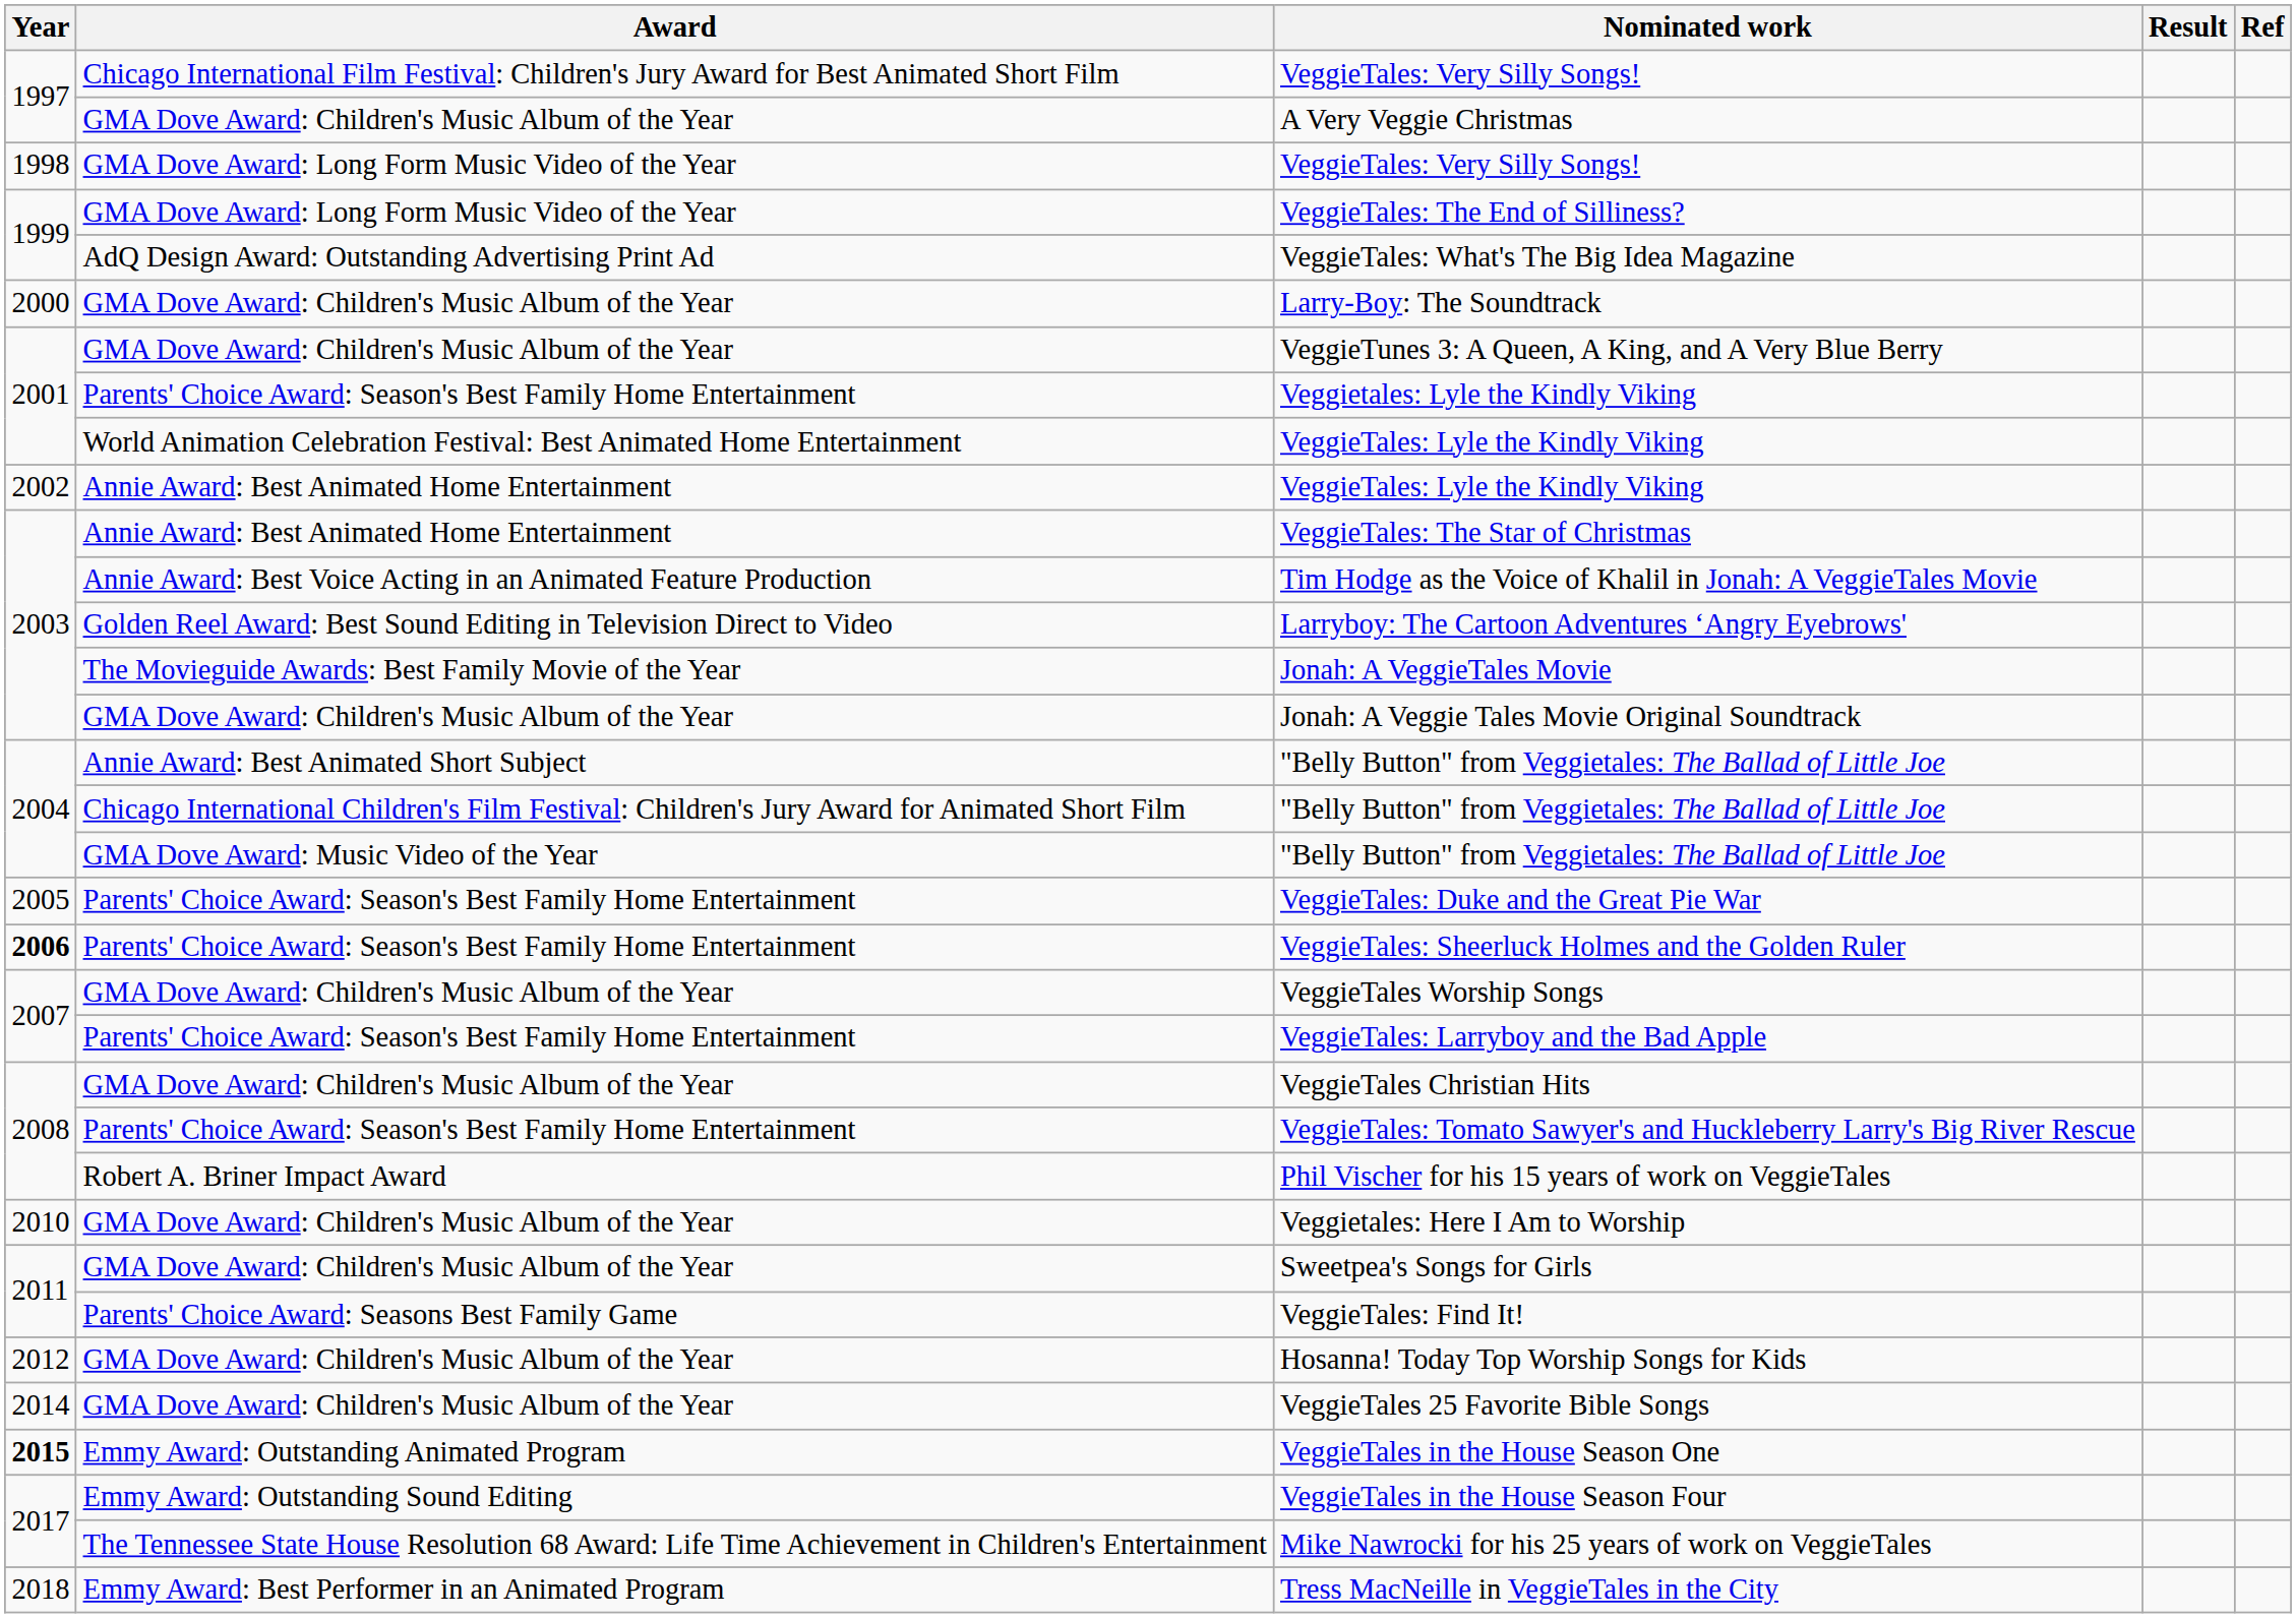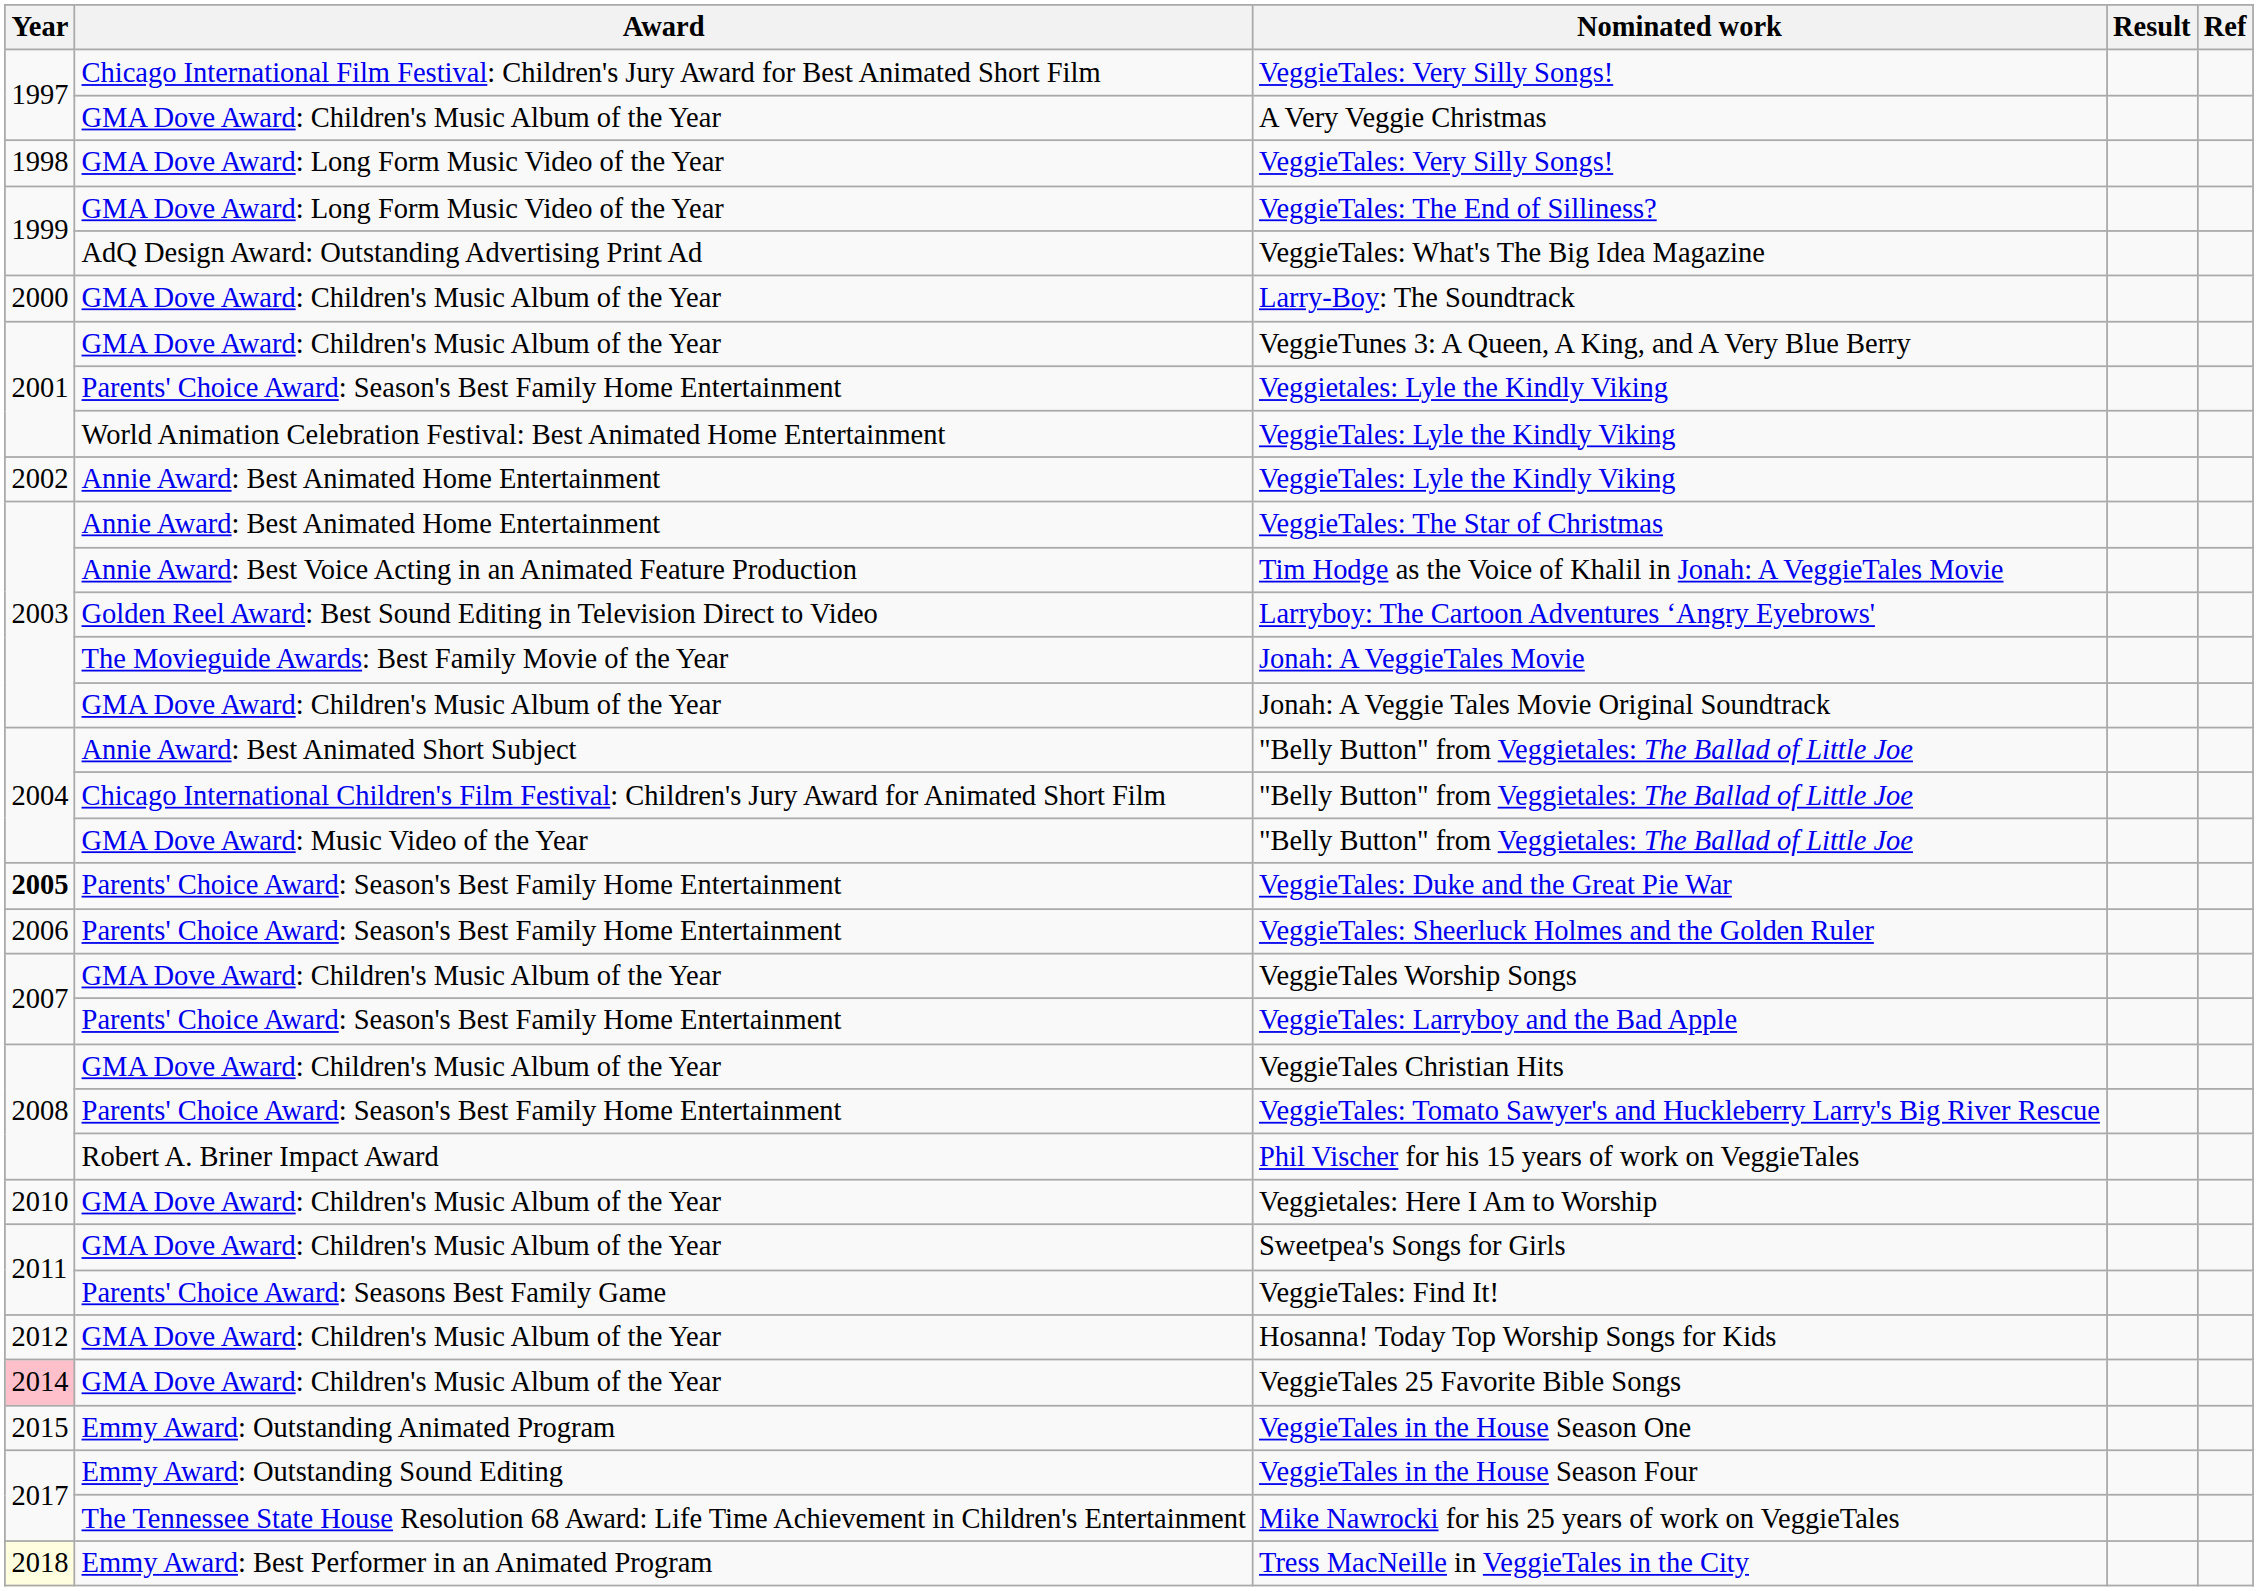 <table class="wikitable sortable">
 <tr>
 <th>Year</th>
 <th>Award</th>
 <th>Nominated work</th>
 <th>Result</th>
 <th>Ref</th>
 </tr>
 <tr>
 <td rowspan="2">1997</td>
 <td><a href='#'>Chicago International Film Festival</a>: Children's Jury Award for Best Animated Short Film</td>
 <td><a href='#'>VeggieTales: Very Silly Songs!</a></td>
 <td></td>
 <td></td>
 </tr>
 <tr>
 <td><a href='#'>GMA Dove Award</a>: Children's Music Album of the Year<br></td>
 <td>A Very Veggie Christmas</td>
 <td></td>
 <td></td>
 </tr>
 <tr>
 <td>1998</td>
 <td><a href='#'>GMA Dove Award</a>: Long Form Music Video of the Year</td>
 <td><a href='#'>VeggieTales: Very Silly Songs!</a></td>
 <td></td>
 <td></td>
 </tr>
 <tr>
 <td rowspan="2">1999</td>
 <td><a href='#'>GMA Dove Award</a>: Long Form Music Video of the Year</td>
 <td><a href='#'>VeggieTales: The End of Silliness?</a></td>
 <td></td>
 <td></td>
 </tr>
 <tr>
 <td>AdQ Design Award: Outstanding Advertising Print Ad</td>
 <td>VeggieTales: What's The Big Idea Magazine</td>
 <td></td>
 <td></td>
 </tr>
 <tr>
 <td>2000</td>
 <td><a href='#'>GMA Dove Award</a>: Children's Music Album of the Year</td>
 <td><a href='#'>Larry-Boy</a>: The Soundtrack</td>
 <td></td>
 <td></td>
 </tr>
 <tr>
 <td rowspan="3">2001</td>
 <td><a href='#'>GMA Dove Award</a>: Children's Music Album of the Year</td>
 <td>VeggieTunes 3: A Queen, A King, and A Very Blue Berry</td>
 <td></td>
 <td></td>
 </tr>
 <tr>
 <td><a href='#'>Parents' Choice Award</a>: Season's Best Family Home Entertainment</td>
 <td><a href='#'>Veggietales: Lyle the Kindly Viking</a></td>
 <td></td>
 <td></td>
 </tr>
 <tr>
 <td>World Animation Celebration Festival: Best Animated Home Entertainment</td>
 <td><a href='#'>VeggieTales: Lyle the Kindly Viking</a></td>
 <td></td>
 <td></td>
 </tr>
 <tr>
 <td>2002</td>
 <td><a href='#'>Annie Award</a>: Best Animated Home Entertainment</td>
 <td><a href='#'>VeggieTales: Lyle the Kindly Viking</a></td>
 <td></td>
 <td></td>
 </tr>
 <tr>
 <td rowspan="5">2003</td>
 <td><a href='#'>Annie Award</a>: Best Animated Home Entertainment</td>
 <td><a href='#'>VeggieTales: The Star of Christmas</a></td>
 <td></td>
 <td></td>
 </tr>
 <tr>
 <td><a href='#'>Annie Award</a>: Best Voice Acting in an Animated Feature Production</td>
 <td><a href='#'>Tim Hodge</a> as the Voice of Khalil in <a href='#'>Jonah: A VeggieTales Movie</a></td>
 <td></td>
 <td></td>
 </tr>
 <tr>
 <td><a href='#'>Golden Reel Award</a>: Best Sound Editing in Television Direct to Video</td>
 <td><a href='#'>Larryboy: The Cartoon Adventures ‘Angry Eyebrows'</a></td>
 <td></td>
 <td></td>
 </tr>
 <tr>
 <td><a href='#'>The Movieguide Awards</a>: Best Family Movie of the Year</td>
 <td><a href='#'>Jonah: A VeggieTales Movie</a></td>
 <td></td>
 <td></td>
 </tr>
 <tr>
 <td><a href='#'>GMA Dove Award</a>: Children's Music Album of the Year</td>
 <td>Jonah: A Veggie Tales Movie Original Soundtrack</td>
 <td></td>
 <td></td>
 </tr>
 <tr>
 <td rowspan="3">2004</td>
 <td><a href='#'>Annie Award</a>: Best Animated Short Subject</td>
 <td>"Belly Button" from <a href='#'>Veggietales: <em>The Ballad of Little Joe</em></a></td>
 <td></td>
 <td></td>
 </tr>
 <tr>
 <td><a href='#'>Chicago International Children's Film Festival</a>: Children's Jury Award for Animated Short Film</td>
 <td>"Belly Button" from <a href='#'>Veggietales: <em>The Ballad of Little Joe</em></a></td>
 <td></td>
 <td></td>
 </tr>
 <tr>
 <td><a href='#'>GMA Dove Award</a>: Music Video of the Year</td>
 <td>"Belly Button" from <a href='#'>Veggietales: <em>The Ballad of Little Joe</em></a></td>
 <td></td>
 <td></td>
 </tr>
 <tr>
-<td>2005</td>
+<td><strong>2005</strong></td>
 <td><a href='#'>Parents' Choice Award</a>: Season's Best Family Home Entertainment</td>
 <td><a href='#'>VeggieTales: Duke and the Great Pie War</a></td>
 <td></td>
 <td></td>
 </tr>
 <tr>
-<td><strong>2006</strong></td>
+<td>2006</td>
 <td><a href='#'>Parents' Choice Award</a>: Season's Best Family Home Entertainment</td>
 <td><a href='#'>VeggieTales: Sheerluck Holmes and the Golden Ruler</a></td>
 <td></td>
 <td></td>
 </tr>
 <tr>
 <td rowspan="2">2007</td>
 <td><a href='#'>GMA Dove Award</a>: Children's Music Album of the Year</td>
 <td>VeggieTales Worship Songs</td>
 <td></td>
 <td></td>
 </tr>
 <tr>
 <td><a href='#'>Parents' Choice Award</a>: Season's Best Family Home Entertainment</td>
 <td><a href='#'>VeggieTales: Larryboy and the Bad Apple</a></td>
 <td></td>
 <td></td>
 </tr>
 <tr>
 <td rowspan="3">2008</td>
 <td><a href='#'>GMA Dove Award</a>: Children's Music Album of the Year</td>
 <td>VeggieTales Christian Hits</td>
 <td></td>
 <td></td>
 </tr>
 <tr>
 <td><a href='#'>Parents' Choice Award</a>: Season's Best Family Home Entertainment</td>
 <td><a href='#'>VeggieTales: Tomato Sawyer's and Huckleberry Larry's Big River Rescue</a></td>
 <td></td>
 <td></td>
 </tr>
 <tr>
 <td>Robert A. Briner Impact Award</td>
 <td><a href='#'>Phil Vischer</a> for his 15 years of work on VeggieTales</td>
 <td></td>
 <td></td>
 </tr>
 <tr>
 <td>2010</td>
 <td><a href='#'>GMA Dove Award</a>: Children's Music Album of the Year</td>
 <td>Veggietales: Here I Am to Worship</td>
 <td></td>
 <td></td>
 </tr>
 <tr>
 <td rowspan="2">2011</td>
 <td><a href='#'>GMA Dove Award</a>: Children's Music Album of the Year</td>
 <td>Sweetpea's Songs for Girls</td>
 <td></td>
 <td></td>
 </tr>
 <tr>
 <td><a href='#'>Parents' Choice Award</a>: Seasons Best Family Game</td>
 <td>VeggieTales: Find It!</td>
 <td></td>
 <td></td>
 </tr>
 <tr>
 <td>2012</td>
 <td><a href='#'>GMA Dove Award</a>: Children's Music Album of the Year</td>
 <td>Hosanna! Today Top Worship Songs for Kids</td>
 <td></td>
 <td></td>
 </tr>
 <tr>
-<td>2014</td>
+<td style="background: pink;">2014</td>
 <td><a href='#'>GMA Dove Award</a>: Children's Music Album of the Year</td>
 <td>VeggieTales 25 Favorite Bible Songs</td>
 <td></td>
 <td></td>
 </tr>
 <tr>
-<td><strong>2015</strong></td>
+<td>2015</td>
 <td><a href='#'>Emmy Award</a>: Outstanding Animated Program</td>
 <td><a href='#'>VeggieTales in the House</a> Season One</td>
 <td></td>
 <td></td>
 </tr>
 <tr>
 <td rowspan="2">2017</td>
 <td><a href='#'>Emmy Award</a>: Outstanding Sound Editing</td>
 <td><a href='#'>VeggieTales in the House</a> Season Four</td>
 <td></td>
 <td></td>
 </tr>
 <tr>
 <td><a href='#'>The Tennessee State House</a> Resolution 68 Award: Life Time Achievement in Children's Entertainment</td>
 <td><a href='#'>Mike Nawrocki</a> for his 25 years of work on VeggieTales</td>
 <td></td>
 <td></td>
 </tr>
 <tr>
-<td>2018</td>
+<td style="background: lightyellow;">2018</td>
 <td><a href='#'>Emmy Award</a>: Best Performer in an Animated Program</td>
 <td><a href='#'>Tress MacNeille</a> in <a href='#'>VeggieTales in the City</a></td>
 <td></td>
 <td></td>
 </tr>
 </table>
